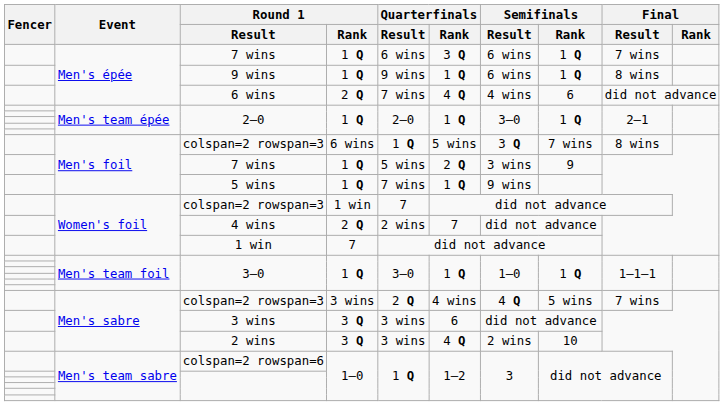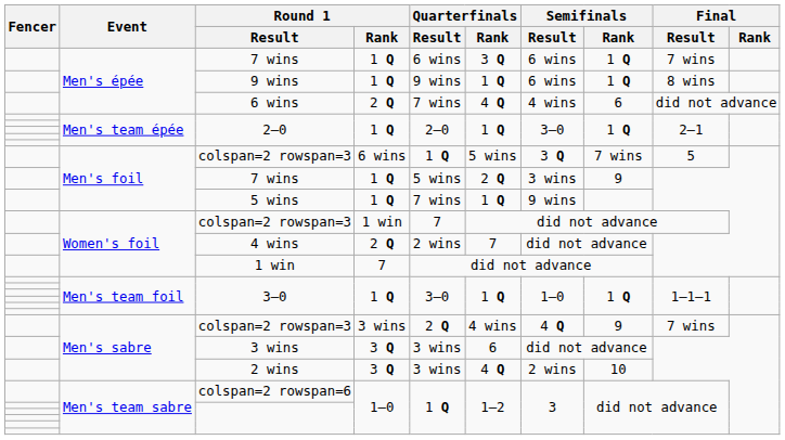 <table class="wikitable sortable" style="text-align:center">
 <tr>
 <th rowspan=2>Fencer</th>
 <th rowspan=2>Event</th>
 <th colspan=2>Round 1</th>
 <th colspan=2>Quarterfinals</th>
 <th colspan=2>Semifinals</th>
 <th colspan=2>Final</th>
 </tr>
 <tr>
 <th>Result</th>
 <th>Rank</th>
 <th>Result</th>
 <th>Rank</th>
 <th>Result</th>
 <th>Rank</th>
 <th>Result</th>
 <th>Rank</th>
 </tr>
 <tr>
 <td align=left><strong></strong></td>
 <td align=left rowspan=3><a href='#'>Men's épée</a></td>
 <td>7 wins</td>
 <td>1 <strong>Q</strong></td>
 <td>6 wins</td>
 <td>3 <strong>Q</strong></td>
 <td>6 wins</td>
 <td>1 <strong>Q</strong></td>
 <td>7 wins</td>
 <td></td>
 </tr>
 <tr>
 <td align=left><strong></strong></td>
 <td>9 wins</td>
 <td>1 <strong>Q</strong></td>
 <td>9 wins</td>
 <td>1 <strong>Q</strong></td>
 <td>6 wins</td>
 <td>1 <strong>Q</strong></td>
 <td>8 wins</td>
 <td></td>
 </tr>
 <tr>
 <td align=left></td>
 <td>6 wins</td>
 <td>2 <strong>Q</strong></td>
 <td>7 wins</td>
 <td>4 <strong>Q</strong></td>
 <td>4 wins</td>
 <td>6</td>
 <td colspan=2>did not advance</td>
 </tr>
 <tr>
 <td align=left><strong></strong></td>
 <td align=left rowspan=5><a href='#'>Men's team épée</a></td>
 <td rowspan=5>2–0</td>
 <td rowspan=5>1 <strong>Q</strong></td>
 <td rowspan=5>2–0</td>
 <td rowspan=5>1 <strong>Q</strong></td>
 <td rowspan=5>3–0</td>
 <td rowspan=5>1 <strong>Q</strong></td>
 <td rowspan=5>2–1</td>
 <td rowspan=5></td>
 </tr>
 <tr>
 <td align=left><strong></strong></td>
 </tr>
 <tr>
 <td align=left><strong></strong></td>
 </tr>
 <tr>
 <td align=left><strong></strong></td>
 </tr>
 <tr>
 <td align=left><strong></strong></td>
 </tr>
 <tr>
 <td align=left></td>
 <td align=left rowspan=3><a href='#'>Men's foil</a></td>
 <td>colspan=2 rowspan=3 </td>
 <td>6 wins</td>
 <td>1 <strong>Q</strong></td>
 <td>5 wins</td>
 <td>3 <strong>Q</strong></td>
 <td>7 wins</td>
-<td>8 wins</td>
+<td>5</td>
 </tr>
 <tr>
 <td align=left></td>
 <td>7 wins</td>
 <td>1 <strong>Q</strong></td>
 <td>5 wins</td>
 <td>2 <strong>Q</strong></td>
 <td>3 wins</td>
 <td>9</td>
 </tr>
 <tr>
 <td align=left><strong></strong></td>
 <td>5 wins</td>
 <td>1 <strong>Q</strong></td>
 <td>7 wins</td>
 <td>1 <strong>Q</strong></td>
 <td>9 wins</td>
 <td></td>
 </tr>
 <tr>
 <td align=left></td>
 <td align=left rowspan=3><a href='#'>Women's foil</a></td>
 <td>colspan=2 rowspan=3 </td>
 <td>1 win</td>
 <td>7</td>
 <td colspan=4>did not advance</td>
 </tr>
 <tr>
 <td align=left></td>
 <td>4 wins</td>
 <td>2 <strong>Q</strong></td>
 <td>2 wins</td>
 <td>7</td>
 <td colspan=2>did not advance</td>
 </tr>
 <tr>
 <td align=left></td>
 <td>1 win</td>
 <td>7</td>
 <td colspan=4>did not advance</td>
 </tr>
 <tr>
 <td align=left><strong></strong></td>
 <td align=left rowspan=6><a href='#'>Men's team foil</a></td>
 <td rowspan=6>3–0</td>
 <td rowspan=6>1 <strong>Q</strong></td>
 <td rowspan=6>3–0</td>
 <td rowspan=6>1 <strong>Q</strong></td>
 <td rowspan=6>1–0</td>
 <td rowspan=6>1 <strong>Q</strong></td>
 <td rowspan=6>1–1–1</td>
 <td rowspan=6></td>
 </tr>
 <tr>
 <td align=left><strong></strong></td>
 </tr>
 <tr>
 <td align=left><strong></strong></td>
 </tr>
 <tr>
 <td align=left><strong></strong></td>
 </tr>
 <tr>
 <td align=left><strong></strong></td>
 </tr>
 <tr>
 <td align=left><strong></strong></td>
 </tr>
 <tr>
 <td align=left></td>
 <td align=left rowspan=3><a href='#'>Men's sabre</a></td>
 <td>colspan=2 rowspan=3 </td>
 <td>3 wins</td>
 <td>2 <strong>Q</strong></td>
 <td>4 wins</td>
 <td>4 <strong>Q</strong></td>
-<td>5 wins</td>
+<td>9</td>
 <td>7 wins</td>
 </tr>
 <tr>
 <td align=left></td>
 <td>3 wins</td>
 <td>3 <strong>Q</strong></td>
 <td>3 wins</td>
 <td>6</td>
 <td colspan=2>did not advance</td>
 </tr>
 <tr>
 <td align=left></td>
 <td>2 wins</td>
 <td>3 <strong>Q</strong></td>
 <td>3 wins</td>
 <td>4 <strong>Q</strong></td>
 <td>2 wins</td>
 <td>10</td>
 </tr>
 <tr>
 <td align=left></td>
 <td align=left rowspan=6><a href='#'>Men's team sabre</a></td>
 <td>colspan=2 rowspan=6 </td>
 <td rowspan=6>1–0</td>
 <td rowspan=6>1 <strong>Q</strong></td>
 <td rowspan=6>1–2</td>
 <td rowspan=6>3</td>
 <td colspan=2 rowspan=6>did not advance</td>
 </tr>
 <tr>
 <td align=left></td>
 </tr>
 <tr>
 <td align=left></td>
 </tr>
 <tr>
 <td align=left></td>
 </tr>
 <tr>
 <td align=left></td>
 </tr>
 <tr>
 <td align=left></td>
 </tr>
 </table>
